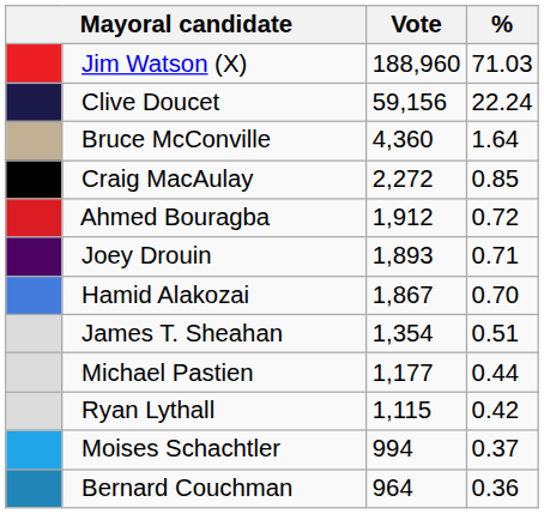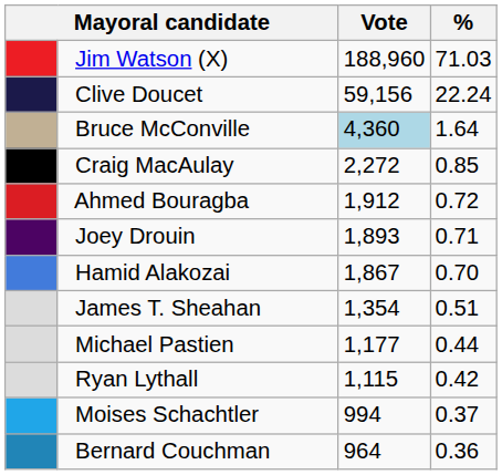 <table class="wikitable">
 <tr>
 <th bgcolor="#DDDDFF" width="230px" colspan="2">Mayoral candidate</th>
 <th bgcolor="#DDDDFF" width="50px">Vote</th>
 <th bgcolor="#DDDDFF" width="30px">%</th>
 </tr>
 <tr>
 <td bgcolor=#ED1D24 width="30px"> </td>
 <td>  <a href='#'>Jim Watson</a> (X)</td>
 <td>188,960</td>
 <td>71.03</td>
 </tr>
 <tr>
 <td bgcolor=#1B194A width="30px"> </td>
 <td>  Clive Doucet</td>
 <td>59,156</td>
 <td>22.24</td>
 </tr>
 <tr>
 <td bgcolor=#C1B094 width="30px"> </td>
 <td>  Bruce McConville</td>
-<td>4,360</td>
+<td style="background: lightblue;">4,360</td>
 <td>1.64</td>
 </tr>
 <tr>
 <td bgcolor=#000000 width="30px"> </td>
 <td>  Craig MacAulay</td>
 <td>2,272</td>
 <td>0.85</td>
 </tr>
 <tr>
 <td bgcolor=#DB1D23 width="30px"> </td>
 <td>  Ahmed Bouragba</td>
 <td>1,912</td>
 <td>0.72</td>
 </tr>
 <tr>
 <td bgcolor=#4C0363 width="30px"> </td>
 <td>  Joey Drouin</td>
 <td>1,893</td>
 <td>0.71</td>
 </tr>
 <tr>
 <td bgcolor=#427BDB width="30px"> </td>
 <td>  Hamid Alakozai</td>
 <td>1,867</td>
 <td>0.70</td>
 </tr>
 <tr>
 <td bgcolor=#DCDCDC width="30px"> </td>
 <td>  James T. Sheahan</td>
 <td>1,354</td>
 <td>0.51</td>
 </tr>
 <tr>
 <td bgcolor=#DCDCDC width="30px"> </td>
 <td>  Michael Pastien</td>
 <td>1,177</td>
 <td>0.44</td>
 </tr>
 <tr>
 <td bgcolor=#DCDCDC width="30px"> </td>
 <td>  Ryan Lythall</td>
 <td>1,115</td>
 <td>0.42</td>
 </tr>
 <tr>
 <td bgcolor=#20A6E8 width="30px"> </td>
 <td>  Moises Schachtler</td>
 <td>994</td>
 <td>0.37</td>
 </tr>
 <tr>
 <td bgcolor=#2185B7 width="30px"> </td>
 <td>  Bernard Couchman</td>
 <td>964</td>
 <td>0.36</td>
 </tr>
 </table>
